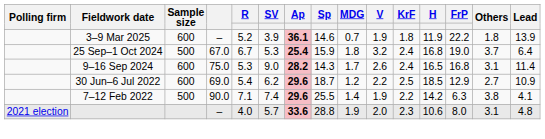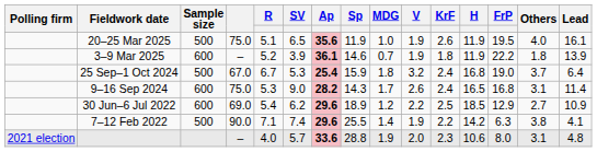 <table class="wikitable sortable mw-datatable" style="text-align:center;font-size:90%;line-height:14px;">
 <tr>
 <th rowspan="2">Polling firm</th>
 <th rowspan="2">Fieldwork date</th>
 <th rowspan="2">Sample<br>size</th>
 <th rowspan="2"></th>
 <th class="unsortable" style="width:30px;"><a href='#'>R</a></th>
 <th class="unsortable" style="width:30px;"><a href='#'>SV</a></th>
 <th class="unsortable" style="width:30px;"><a href='#'>Ap</a></th>
 <th class="unsortable" style="width:30px;"><a href='#'>Sp</a></th>
 <th class="unsortable" style="width:30px;"><a href='#'>MDG</a></th>
 <th class="unsortable" style="width:30px;"><a href='#'>V</a></th>
 <th class="unsortable" style="width:30px;"><a href='#'>KrF</a></th>
 <th class="unsortable" style="width:30px;"><a href='#'>H</a></th>
 <th class="unsortable" style="width:30px;"><a href='#'>FrP</a></th>
 <th rowspan="2" class="unsortable" style="width:30px;">Others</th>
 <th rowspan="2">Lead</th>
 </tr>
 <tr>
 <th style="background:"></th>
 <th style="background:"></th>
 <th style="background:"></th>
 <th style="background:"></th>
 <th style="background:"></th>
 <th style="background:"></th>
 <th style="background:"></th>
 <th style="background:"></th>
 <th style="background:"></th>
+</tr>
+<tr>
+<td></td>
+<td>20–25 Mar 2025</td>
+<td>500</td>
+<td>75.0</td>
+<td>5.1</td>
+<td>6.5</td>
+<td style="background:#F7BDC5;"><strong>35.6</strong></td>
+<td>11.9</td>
+<td>1.0</td>
+<td>1.9</td>
+<td>2.6</td>
+<td>11.9</td>
+<td>19.5</td>
+<td>4.0</td>
+<td style="background:">16.1</td>
 </tr>
 <tr>
 <td></td>
 <td>3–9 Mar 2025</td>
 <td>600</td>
 <td>–</td>
 <td>5.2</td>
 <td>3.9</td>
 <td style="background:#F7BDC5;"><strong>36.1</strong></td>
 <td>14.6</td>
 <td>0.7</td>
 <td>1.9</td>
 <td>1.8</td>
 <td>11.9</td>
 <td>22.2</td>
 <td>1.8</td>
 <td style="background:">13.9</td>
 </tr>
 <tr>
 <td></td>
 <td>25 Sep–1 Oct 2024</td>
 <td>500</td>
 <td>67.0</td>
 <td>6.7</td>
 <td>5.3</td>
 <td style="background:#F7BDC5;"><strong>25.4</strong></td>
 <td>15.9</td>
 <td>1.8</td>
 <td>3.2</td>
 <td>2.4</td>
 <td>16.8</td>
 <td>19.0</td>
 <td>3.7</td>
 <td style="background:">6.4</td>
 </tr>
 <tr>
 <td></td>
 <td>9–16 Sep 2024</td>
 <td>600</td>
 <td>75.0</td>
 <td>5.3</td>
 <td>9.0</td>
 <td style="background:#F7BDC5;"><strong>28.2</strong></td>
 <td>14.3</td>
 <td>1.7</td>
 <td>2.6</td>
 <td>2.4</td>
 <td>16.5</td>
 <td>16.8</td>
 <td>3.1</td>
 <td style="background:">11.4</td>
 </tr>
 <tr>
 <td></td>
 <td>30 Jun–6 Jul 2022</td>
 <td>600</td>
 <td>69.0</td>
 <td>5.4</td>
 <td>6.2</td>
 <td style="background:#F7BDC5;"><strong>29.6</strong></td>
-<td>18.7</td>
+<td>18.9</td>
 <td>1.2</td>
 <td>2.2</td>
 <td>2.5</td>
 <td>18.5</td>
 <td>12.9</td>
 <td>2.7</td>
 <td style="background:">10.9</td>
 </tr>
 <tr>
 <td></td>
 <td>7–12 Feb 2022</td>
 <td>500</td>
 <td>90.0</td>
 <td>7.1</td>
 <td>7.4</td>
 <td style="background:#F7BDC5;"><strong>29.6</strong></td>
 <td>25.5</td>
 <td>1.4</td>
 <td>1.9</td>
 <td>2.2</td>
 <td>14.2</td>
 <td>6.3</td>
 <td>3.8</td>
 <td style="background:">4.1</td>
 </tr>
 <tr style="background:#E9E9E9;">
 <td><a href='#'>2021 election</a></td>
 <td></td>
 <td></td>
 <td>–</td>
 <td>4.0</td>
 <td>5.7</td>
 <td style="background:#F7BDC5;"><strong>33.6</strong></td>
 <td>28.8</td>
 <td>1.9</td>
 <td>2.0</td>
 <td>2.3</td>
 <td>10.6</td>
 <td>8.0</td>
 <td>3.1</td>
 <td style="background:">4.8</td>
 </tr>
 </table>
